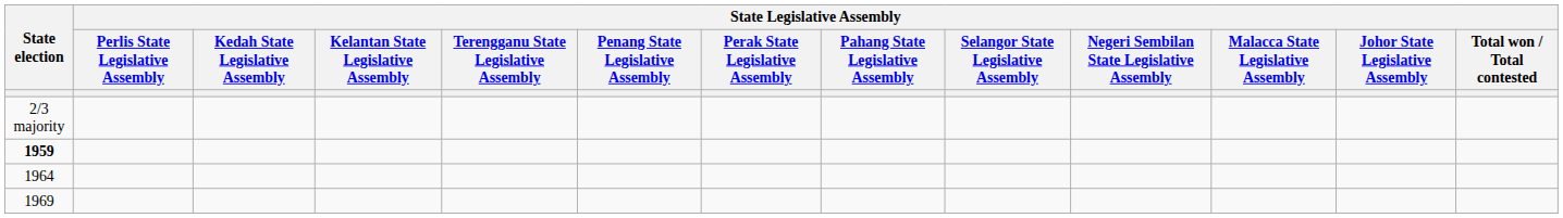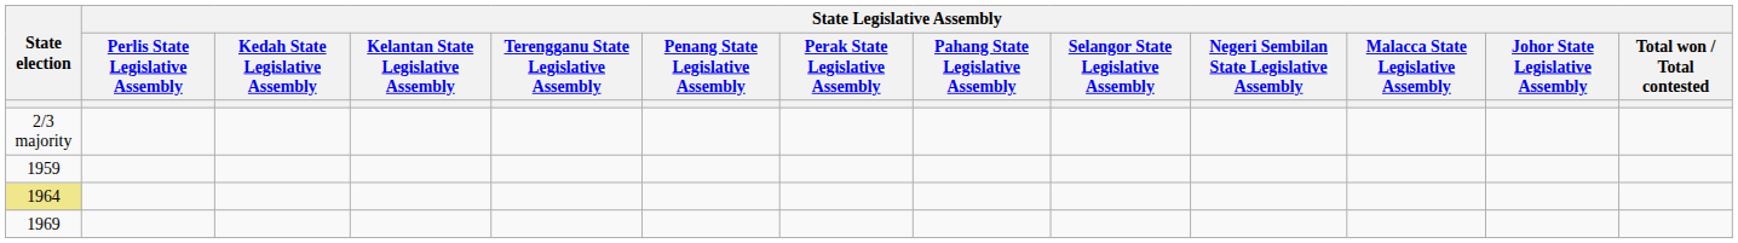 <table class="wikitable sortable" style="text-align:center; font-size:95%">
 <tr>
 <th rowspan=2>State election</th>
 <th colspan=12>State Legislative Assembly</th>
 </tr>
 <tr>
 <th><a href='#'>Perlis State Legislative Assembly</a></th>
 <th><a href='#'>Kedah State Legislative Assembly</a></th>
 <th><a href='#'>Kelantan State Legislative Assembly</a></th>
 <th><a href='#'>Terengganu State Legislative Assembly</a></th>
 <th><a href='#'>Penang State Legislative Assembly</a></th>
 <th><a href='#'>Perak State Legislative Assembly</a></th>
 <th><a href='#'>Pahang State Legislative Assembly</a></th>
 <th><a href='#'>Selangor State Legislative Assembly</a></th>
 <th><a href='#'>Negeri Sembilan State Legislative Assembly</a></th>
 <th><a href='#'>Malacca State Legislative Assembly</a></th>
 <th><a href='#'>Johor State Legislative Assembly</a></th>
 <th>Total won / Total contested</th>
 </tr>
 <tr>
 <th></th>
 <th></th>
 <th></th>
 <th></th>
 <th></th>
 <th></th>
 <th></th>
 <th></th>
 <th></th>
 <th></th>
 <th></th>
 <th></th>
 <th></th>
 </tr>
 <tr>
 <td>2/3 majority</td>
 <td></td>
 <td></td>
 <td></td>
 <td></td>
 <td></td>
 <td></td>
 <td></td>
 <td></td>
 <td></td>
 <td></td>
 <td></td>
 <td></td>
 </tr>
 <tr>
-<td><strong>1959</strong></td>
+<td>1959</td>
 <td></td>
 <td></td>
 <td></td>
 <td></td>
 <td></td>
 <td></td>
 <td></td>
 <td></td>
 <td></td>
 <td></td>
 <td></td>
 <td></td>
 </tr>
 <tr>
-<td>1964</td>
+<td style="background: khaki;">1964</td>
 <td></td>
 <td></td>
 <td></td>
 <td></td>
 <td></td>
 <td></td>
 <td></td>
 <td></td>
 <td></td>
 <td></td>
 <td></td>
 <td></td>
 </tr>
 <tr>
 <td>1969</td>
 <td></td>
 <td></td>
 <td></td>
 <td></td>
 <td></td>
 <td></td>
 <td></td>
 <td></td>
 <td></td>
 <td></td>
 <td></td>
 <td></td>
 </tr>
 </table>
